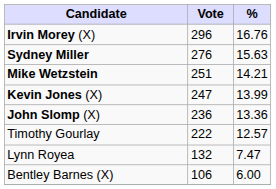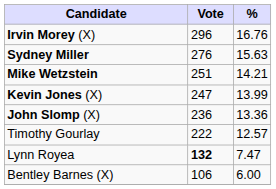 <table class="wikitable">
 <tr>
 <th style="background:#ddf; width:225px;">Candidate</th>
 <th style="background:#ddf; width:50px;">Vote</th>
 <th style="background:#ddf; width:30px;">%</th>
 </tr>
 <tr>
 <td><strong>Irvin Morey</strong> (X)</td>
 <td>296</td>
 <td>16.76</td>
 </tr>
 <tr>
 <td><strong>Sydney Miller</strong></td>
 <td>276</td>
 <td>15.63</td>
 </tr>
 <tr>
 <td><strong>Mike Wetzstein</strong></td>
 <td>251</td>
 <td>14.21</td>
 </tr>
 <tr>
 <td><strong>Kevin Jones</strong> (X)</td>
 <td>247</td>
 <td>13.99</td>
 </tr>
 <tr>
 <td><strong>John Slomp</strong> (X)</td>
 <td>236</td>
 <td>13.36</td>
 </tr>
 <tr>
 <td>Timothy Gourlay</td>
 <td>222</td>
 <td>12.57</td>
 </tr>
 <tr>
 <td>Lynn Royea</td>
-<td>132</td>
+<td><strong>132</strong></td>
 <td>7.47</td>
 </tr>
 <tr>
 <td>Bentley Barnes (X)</td>
 <td>106</td>
 <td>6.00</td>
 </tr>
 <tr>
 </tr>
 </table>
